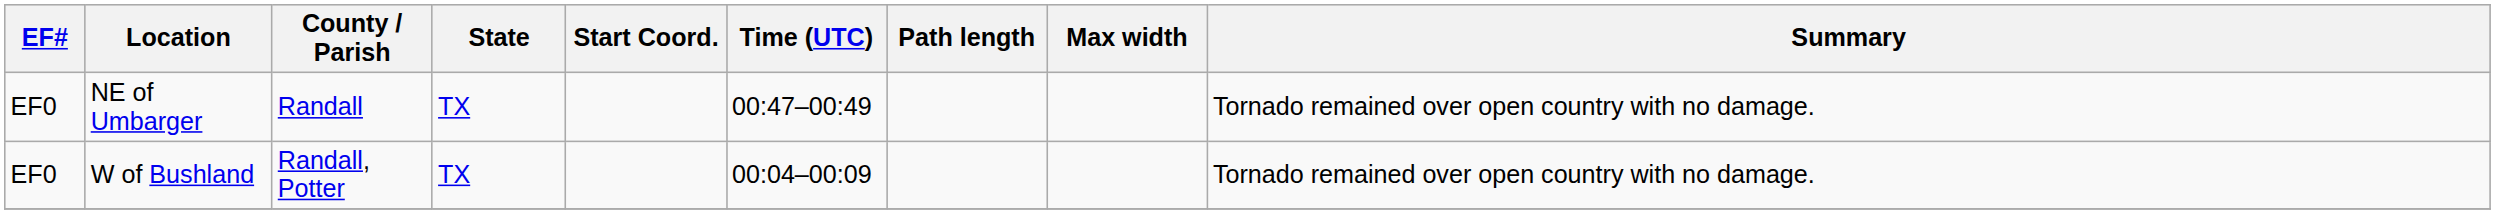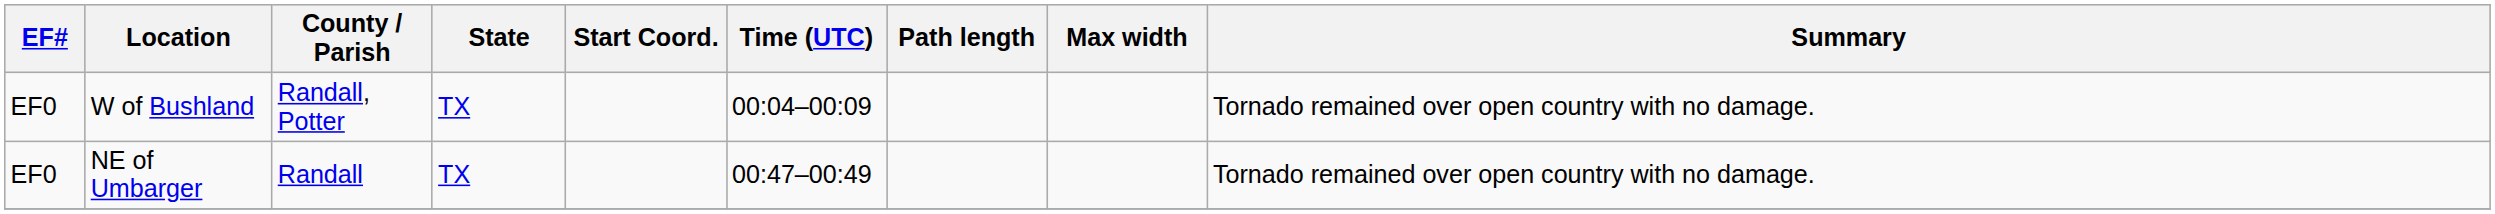 <table class="wikitable sortable" style="width:100%;">
 <tr>
 <th scope="col" width="3%" align="center"><a href='#'>EF#</a></th>
 <th scope="col" width="7%" align="center" class="unsortable">Location</th>
 <th scope="col" width="6%" align="center" class="unsortable">County / Parish</th>
 <th scope="col" width="5%" align="center">State</th>
 <th scope="col" width="6%" align="center">Start Coord.</th>
 <th scope="col" width="6%" align="center">Time (<a href='#'>UTC</a>)</th>
 <th scope="col" width="6%" align="center">Path length</th>
 <th scope="col" width="6%" align="center">Max width</th>
 <th scope="col" width="48%" class="unsortable" align="center">Summary</th>
 </tr>
 <tr>
 <td>EF0</td>
+<td>W of <a href='#'>Bushland</a></td>
+<td><a href='#'>Randall</a>, <a href='#'>Potter</a></td>
+<td><a href='#'>TX</a></td>
+<td></td>
+<td>00:04–00:09</td>
+<td></td>
+<td></td>
+<td>Tornado remained over open country with no damage.</td>
+</tr>
+<tr>
+<td>EF0</td>
 <td>NE of <a href='#'>Umbarger</a></td>
 <td><a href='#'>Randall</a></td>
 <td><a href='#'>TX</a></td>
 <td></td>
 <td>00:47–00:49</td>
 <td></td>
 <td></td>
 <td>Tornado remained over open country with no damage.</td>
 </tr>
 <tr>
-<td>EF0</td>
-<td>W of <a href='#'>Bushland</a></td>
-<td><a href='#'>Randall</a>, <a href='#'>Potter</a></td>
-<td><a href='#'>TX</a></td>
-<td></td>
-<td>00:04–00:09</td>
-<td></td>
-<td></td>
-<td>Tornado remained over open country with no damage.</td>
-</tr>
-<tr>
 </tr>
 </table>
